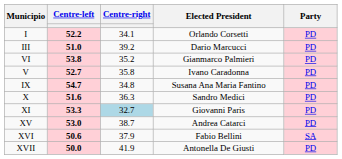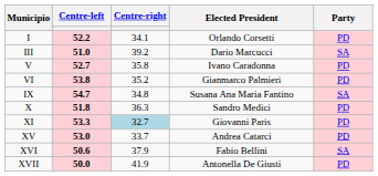 <table class="wikitable" style="text-align:center; font-size:85%; line-height:13px">
 <tr style="height:30px; background-color:#E9E9E9">
 <th style="width:50px;" rowspan="2">Municipio</th>
 <th style="width:75px;"><a href='#'>Centre-left</a></th>
 <th style="width:75px;"><a href='#'>Centre-right</a></th>
 <th style="width:195px;" rowspan="2">Elected President</th>
 <th style="width:75px;" rowspan="2">Party</th>
 </tr>
 <tr>
 <th style="background:"></th>
 <th style="background:"></th>
 </tr>
 <tr>
 <td>I</td>
 <td style="background:#FFD0D7"><strong>52.2</strong></td>
 <td>34.1</td>
 <td>Orlando Corsetti</td>
 <td style="background:#FFD0D7"><a href='#'>PD</a></td>
 </tr>
 <tr>
 <td>III</td>
 <td style="background:#FFD0D7"><strong>51.0</strong></td>
 <td>39.2</td>
 <td>Dario Marcucci</td>
+<td style="background:#FFD0D7"><a href='#'>SA</a></td>
+</tr>
+<tr>
+<td>V</td>
+<td style="background:#FFD0D7"><strong>52.7</strong></td>
+<td>35.8</td>
+<td>Ivano Caradonna</td>
 <td style="background:#FFD0D7"><a href='#'>PD</a></td>
 </tr>
 <tr>
 <td>VI</td>
 <td style="background:#FFD0D7"><strong>53.8</strong></td>
 <td>35.2</td>
 <td>Gianmarco Palmieri</td>
 <td style="background:#FFD0D7"><a href='#'>PD</a></td>
 </tr>
 <tr>
-<td>V</td>
-<td style="background:#FFD0D7"><strong>52.7</strong></td>
-<td>35.8</td>
-<td>Ivano Caradonna</td>
-<td style="background:#FFD0D7"><a href='#'>PD</a></td>
-</tr>
-<tr>
 <td>IX</td>
 <td style="background:#FFD0D7"><strong>54.7</strong></td>
 <td>34.8</td>
 <td>Susana Ana Maria Fantino</td>
-<td style="background:#FFD0D7"><a href='#'>PD</a></td>
+<td style="background:#FFD0D7"><a href='#'>SA</a></td>
 </tr>
 <tr>
 <td>X</td>
-<td style="background:#FFD0D7"><strong>51.6</strong></td>
+<td style="background:#FFD0D7"><strong>51.8</strong></td>
 <td>36.3</td>
 <td>Sandro Medici</td>
 <td style="background:#FFD0D7"><a href='#'>PD</a></td>
 </tr>
 <tr>
 <td>XI</td>
 <td style="background:#FFD0D7"><strong>53.3</strong></td>
 <td style="background: lightblue;">32.7</td>
 <td>Giovanni Paris</td>
 <td style="background:#FFD0D7"><a href='#'>PD</a></td>
 </tr>
 <tr>
 <td>XV</td>
 <td style="background:#FFD0D7"><strong>53.0</strong></td>
-<td>38.7</td>
+<td>33.7</td>
 <td>Andrea Catarci</td>
 <td style="background:#FFD0D7"><a href='#'>PD</a></td>
 </tr>
 <tr>
 <td>XVI</td>
 <td style="background:#FFD0D7"><strong>50.6</strong></td>
 <td>37.9</td>
 <td>Fabio Bellini</td>
 <td style="background:#FFD0D7"><a href='#'>SA</a></td>
 </tr>
 <tr>
 <td>XVII</td>
 <td style="background:#FFD0D7"><strong>50.0</strong></td>
 <td>41.9</td>
 <td>Antonella De Giusti</td>
 <td style="background:#FFD0D7"><a href='#'>PD</a></td>
 </tr>
 </table>
